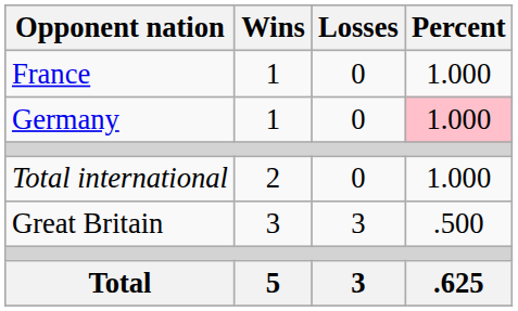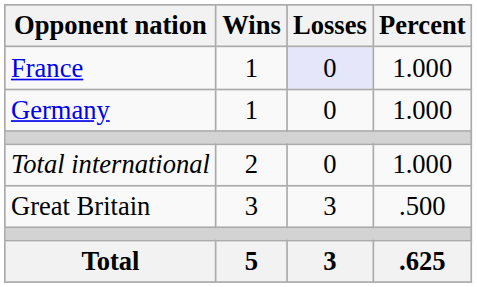 <table class=wikitable>
 <tr>
 <th>Opponent nation</th>
 <th>Wins</th>
 <th>Losses</th>
 <th>Percent</th>
 </tr>
 <tr align=center>
 <td align=left><a href='#'>France</a></td>
 <td>1</td>
-<td>0</td>
+<td style="background: lavender;">0</td>
 <td>1.000</td>
 </tr>
 <tr align=center>
 <td align=left><a href='#'>Germany</a></td>
 <td>1</td>
 <td>0</td>
-<td style="background: pink;">1.000</td>
+<td>1.000</td>
 </tr>
 <tr>
 <td colspan=4 bgcolor=lightgray></td>
 </tr>
 <tr align=center>
 <td align=left><em>Total international</em></td>
 <td>2</td>
 <td>0</td>
 <td>1.000</td>
 </tr>
 <tr align=center>
 <td align=left>Great Britain</td>
 <td>3</td>
 <td>3</td>
 <td>.500</td>
 </tr>
 <tr>
 <td colspan=4 bgcolor=lightgray></td>
 </tr>
 <tr>
 <th>Total</th>
 <th>5</th>
 <th>3</th>
 <th>.625</th>
 </tr>
 </table>
